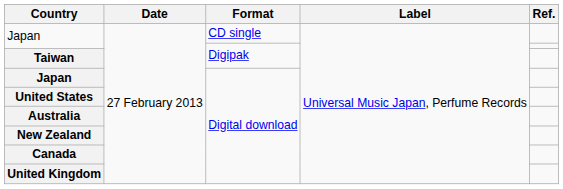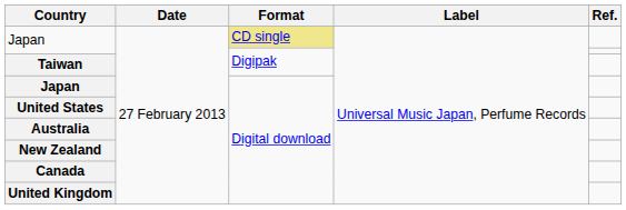 <table class="wikitable plainrowheaders">
 <tr>
 <th scope="col">Country</th>
 <th scope="col">Date</th>
 <th scope="col">Format</th>
 <th scope="col">Label</th>
 <th scope="col">Ref.</th>
 </tr>
 <tr>
 <td rowspan="2">Japan</td>
 <td rowspan="9">27 February 2013</td>
-<td><a href='#'>CD single</a></td>
+<td style="background: khaki;"><a href='#'>CD single</a></td>
 <td rowspan="9"><a href='#'>Universal Music Japan</a>, Perfume Records</td>
 <td></td>
 </tr>
 <tr>
 <td rowspan="2"><a href='#'>Digipak</a></td>
 <td></td>
 </tr>
 <tr>
 <th scope="row">Taiwan</th>
 <td></td>
 </tr>
 <tr>
 <th scope="row">Japan</th>
 <td rowspan="6"><a href='#'>Digital download</a></td>
 <td></td>
 </tr>
 <tr>
 <th scope="row">United States</th>
 <td></td>
 </tr>
 <tr>
 <th scope="row">Australia</th>
 <td></td>
 </tr>
 <tr>
 <th scope="row">New Zealand</th>
 <td></td>
 </tr>
 <tr>
 <th scope="row">Canada</th>
 <td></td>
 </tr>
 <tr>
 <th scope="row">United Kingdom</th>
 <td></td>
 </tr>
 </table>
